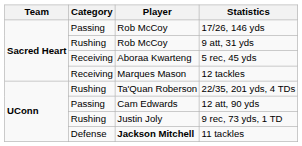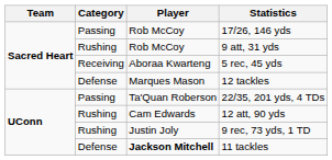 <table class="wikitable" style="float: right;">
 <tr>
 <th>Team</th>
 <th>Category</th>
 <th>Player</th>
 <th>Statistics</th>
 </tr>
 <tr>
 <td rowspan=4><strong>Sacred Heart</strong></td>
 <td>Passing</td>
 <td>Rob McCoy</td>
 <td>17/26, 146 yds</td>
 </tr>
 <tr>
 <td>Rushing</td>
 <td>Rob McCoy</td>
 <td>9 att, 31 yds</td>
 </tr>
 <tr>
 <td>Receiving</td>
 <td>Aboraa Kwarteng</td>
 <td>5 rec, 45 yds</td>
 </tr>
 <tr>
-<td>Receiving</td>
+<td>Defense</td>
 <td>Marques Mason</td>
 <td>12 tackles</td>
 </tr>
 <tr>
 <td rowspan=4><strong>UConn</strong></td>
-<td>Rushing</td>
+<td>Passing</td>
 <td>Ta'Quan Roberson</td>
 <td>22/35, 201 yds, 4 TDs</td>
 </tr>
 <tr>
-<td>Passing</td>
+<td>Rushing</td>
 <td>Cam Edwards</td>
 <td>12 att, 90 yds</td>
 </tr>
 <tr>
 <td>Rushing</td>
 <td>Justin Joly</td>
 <td>9 rec, 73 yds, 1 TD</td>
 </tr>
 <tr>
 <td>Defense</td>
 <td><strong>Jackson Mitchell</strong></td>
 <td>11 tackles</td>
 </tr>
 </table>
